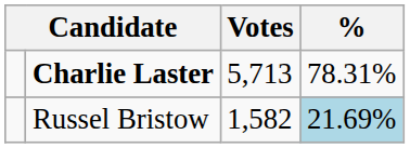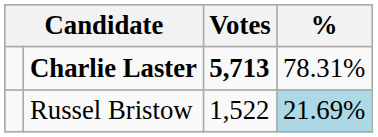 <table class="wikitable">
 <tr>
 <th colspan="2" rowspan="1" align="center" valign="top"><strong>Candidate</strong></th>
 <th valign="top"><strong>Votes</strong></th>
 <th valign="top"><strong>%</strong></th>
 </tr>
 <tr>
 <td style="background-color:"> </td>
 <td><strong>Charlie Laster</strong></td>
-<td>5,713</td>
+<td><strong>5,713</strong></td>
 <td>78.31%</td>
 </tr>
 <tr>
 <td style="background-color:"> </td>
 <td>Russel Bristow</td>
-<td>1,582</td>
+<td>1,522</td>
 <td style="background: lightblue;">21.69%</td>
 </tr>
 </table>
